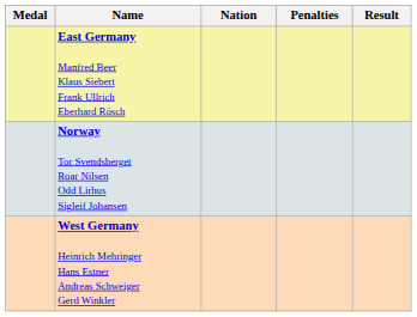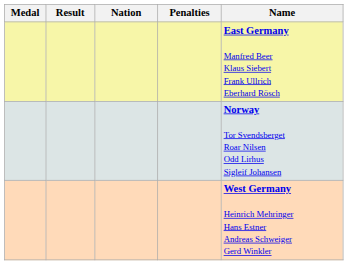 <table class=wikitable style="border:1px solid #AAAAAA;font-size:90%">
 <tr bgcolor="#E4E4E4">
 <th style="border-bottom:1px solid #AAAAAA" width=50>Medal</th>
-<th style="border-bottom:1px solid #AAAAAA" width=160>Name</th>
+<th style="border-bottom:1px solid #AAAAAA" width=60>Result</th>
 <th style="border-bottom:1px solid #AAAAAA" width=80>Nation</th>
 <th style="border-bottom:1px solid #AAAAAA" width=80>Penalties</th>
-<th style="border-bottom:1px solid #AAAAAA" width=60>Result</th>
+<th style="border-bottom:1px solid #AAAAAA" width=160>Name</th>
 </tr>
 <tr bgcolor="#F7F6A8">
 <td align="center"></td>
-<td><strong><a href='#'>East Germany</a></strong><br><br><small><a href='#'>Manfred Beer</a><br><a href='#'>Klaus Siebert</a><br><a href='#'>Frank Ullrich</a><br><a href='#'>Eberhard Rösch</a></small></td>
+<td align="center"></td>
 <td></td>
 <td align="center"></td>
-<td align="center"></td>
+<td><strong><a href='#'>East Germany</a></strong><br><br><small><a href='#'>Manfred Beer</a><br><a href='#'>Klaus Siebert</a><br><a href='#'>Frank Ullrich</a><br><a href='#'>Eberhard Rösch</a></small></td>
 </tr>
 <tr bgcolor="#DCE5E5">
 <td align="center"></td>
-<td><strong><a href='#'>Norway</a></strong><br><br><small><a href='#'>Tor Svendsberget</a><br><a href='#'>Roar Nilsen</a><br><a href='#'>Odd Lirhus</a><br><a href='#'>Sigleif Johansen</a></small></td>
+<td align="right"></td>
 <td></td>
 <td align="center"></td>
-<td align="right"></td>
+<td><strong><a href='#'>Norway</a></strong><br><br><small><a href='#'>Tor Svendsberget</a><br><a href='#'>Roar Nilsen</a><br><a href='#'>Odd Lirhus</a><br><a href='#'>Sigleif Johansen</a></small></td>
 </tr>
 <tr bgcolor="#FFDAB9">
 <td align="center"></td>
-<td><strong><a href='#'>West Germany</a></strong><br><br><small><a href='#'>Heinrich Mehringer</a><br><a href='#'>Hans Estner</a><br><a href='#'>Andreas Schweiger</a><br><a href='#'>Gerd Winkler</a></small></td>
+<td align="right"></td>
 <td></td>
 <td align="center"></td>
-<td align="right"></td>
+<td><strong><a href='#'>West Germany</a></strong><br><br><small><a href='#'>Heinrich Mehringer</a><br><a href='#'>Hans Estner</a><br><a href='#'>Andreas Schweiger</a><br><a href='#'>Gerd Winkler</a></small></td>
 </tr>
 </table>
